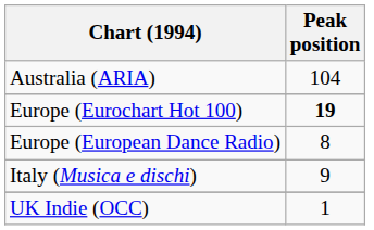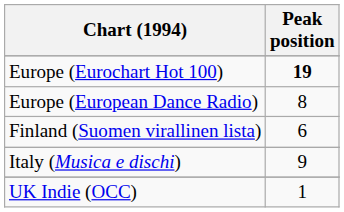 <table class="wikitable sortable">
 <tr>
 <th>Chart (1994)</th>
 <th>Peak<br>position</th>
-</tr>
-<tr>
-<td>Australia (<a href='#'>ARIA</a>)</td>
-<td align="center">104</td>
 </tr>
 <tr>
 </tr>
 <tr>
 <td>Europe (<a href='#'>Eurochart Hot 100</a>)</td>
 <td align="center"><strong>19</strong></td>
 </tr>
 <tr>
 <td>Europe (<a href='#'>European Dance Radio</a>)</td>
 <td align="center">8</td>
+</tr>
+<tr>
+<td>Finland (<a href='#'>Suomen virallinen lista</a>)</td>
+<td align="center">6</td>
 </tr>
 <tr>
 </tr>
 <tr>
 </tr>
 <tr>
 <td>Italy (<em><a href='#'>Musica e dischi</a></em>)</td>
 <td align="center">9</td>
 </tr>
 <tr>
 </tr>
 <tr>
 </tr>
 <tr>
 </tr>
 <tr>
 </tr>
 <tr>
 </tr>
 <tr>
 </tr>
 <tr>
 <td align="left"><a href='#'>UK Indie</a> (<a href='#'>OCC</a>)</td>
 <td align="center">1</td>
 </tr>
 </table>
